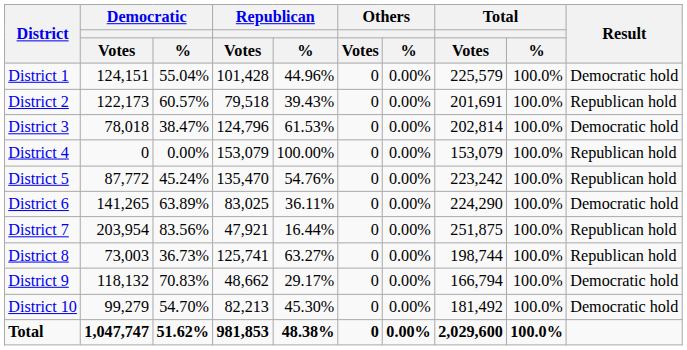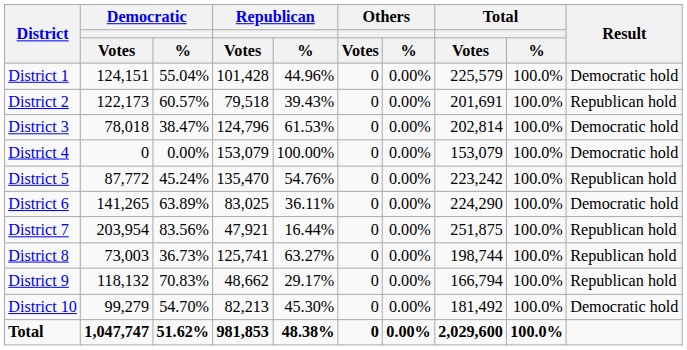 <table class="wikitable plainrowheaders sortable" style="font-size:100%; text-align:right;">
 <tr>
 <th scope=col rowspan=3><a href='#'>District</a></th>
 <th scope=col colspan=2><a href='#'>Democratic</a></th>
 <th scope=col colspan=2><a href='#'>Republican</a></th>
 <th scope=col colspan=2>Others</th>
 <th scope=col colspan=2>Total</th>
 <th scope=col rowspan=3>Result</th>
 </tr>
 <tr>
 <th scope=col colspan=2 style="background:"></th>
 <th scope=col colspan=2 style="background:"></th>
 <th scope=col colspan=2></th>
 <th scope=col colspan=2></th>
 </tr>
 <tr>
 <th scope=col data-sort-type="number">Votes</th>
 <th scope=col data-sort-type="number">%</th>
 <th scope=col data-sort-type="number">Votes</th>
 <th scope=col data-sort-type="number">%</th>
 <th scope=col data-sort-type="number">Votes</th>
 <th scope=col data-sort-type="number">%</th>
 <th scope=col data-sort-type="number">Votes</th>
 <th scope=col data-sort-type="number">%</th>
 </tr>
 <tr>
 <td align=left><a href='#'>District 1</a></td>
 <td>124,151</td>
 <td>55.04%</td>
 <td>101,428</td>
 <td>44.96%</td>
 <td>0</td>
 <td>0.00%</td>
 <td>225,579</td>
 <td>100.0%</td>
 <td align=left>Democratic hold</td>
 </tr>
 <tr>
 <td align=left><a href='#'>District 2</a></td>
 <td>122,173</td>
 <td>60.57%</td>
 <td>79,518</td>
 <td>39.43%</td>
 <td>0</td>
 <td>0.00%</td>
 <td>201,691</td>
 <td>100.0%</td>
 <td align=left>Republican hold</td>
 </tr>
 <tr>
 <td align=left><a href='#'>District 3</a></td>
 <td>78,018</td>
 <td>38.47%</td>
 <td>124,796</td>
 <td>61.53%</td>
 <td>0</td>
 <td>0.00%</td>
 <td>202,814</td>
 <td>100.0%</td>
 <td align=left>Democratic hold</td>
 </tr>
 <tr>
 <td align=left><a href='#'>District 4</a></td>
 <td>0</td>
 <td>0.00%</td>
 <td>153,079</td>
 <td>100.00%</td>
 <td>0</td>
 <td>0.00%</td>
 <td>153,079</td>
 <td>100.0%</td>
-<td align=left>Republican hold</td>
+<td align=left>Democratic hold</td>
 </tr>
 <tr>
 <td align=left><a href='#'>District 5</a></td>
 <td>87,772</td>
 <td>45.24%</td>
 <td>135,470</td>
 <td>54.76%</td>
 <td>0</td>
 <td>0.00%</td>
 <td>223,242</td>
 <td>100.0%</td>
 <td align=left>Republican hold</td>
 </tr>
 <tr>
 <td align=left><a href='#'>District 6</a></td>
 <td>141,265</td>
 <td>63.89%</td>
 <td>83,025</td>
 <td>36.11%</td>
 <td>0</td>
 <td>0.00%</td>
 <td>224,290</td>
 <td>100.0%</td>
 <td align=left>Democratic hold</td>
 </tr>
 <tr>
 <td align=left><a href='#'>District 7</a></td>
 <td>203,954</td>
 <td>83.56%</td>
 <td>47,921</td>
 <td>16.44%</td>
 <td>0</td>
 <td>0.00%</td>
 <td>251,875</td>
 <td>100.0%</td>
 <td align=left>Republican hold</td>
 </tr>
 <tr>
 <td align=left><a href='#'>District 8</a></td>
 <td>73,003</td>
 <td>36.73%</td>
 <td>125,741</td>
 <td>63.27%</td>
 <td>0</td>
 <td>0.00%</td>
 <td>198,744</td>
 <td>100.0%</td>
 <td align=left>Republican hold</td>
 </tr>
 <tr>
 <td align=left><a href='#'>District 9</a></td>
 <td>118,132</td>
 <td>70.83%</td>
 <td>48,662</td>
 <td>29.17%</td>
 <td>0</td>
 <td>0.00%</td>
 <td>166,794</td>
 <td>100.0%</td>
-<td align=left>Democratic hold</td>
+<td align=left>Republican hold</td>
 </tr>
 <tr>
 <td align=left><a href='#'>District 10</a></td>
 <td>99,279</td>
 <td>54.70%</td>
 <td>82,213</td>
 <td>45.30%</td>
 <td>0</td>
 <td>0.00%</td>
 <td>181,492</td>
 <td>100.0%</td>
 <td align=left>Democratic hold</td>
 </tr>
 <tr class="sortbottom" style="font-weight:bold">
 <td align=left>Total</td>
 <td>1,047,747</td>
 <td>51.62%</td>
 <td>981,853</td>
 <td>48.38%</td>
 <td>0</td>
 <td>0.00%</td>
 <td>2,029,600</td>
 <td>100.0%</td>
 <td></td>
 </tr>
 </table>
